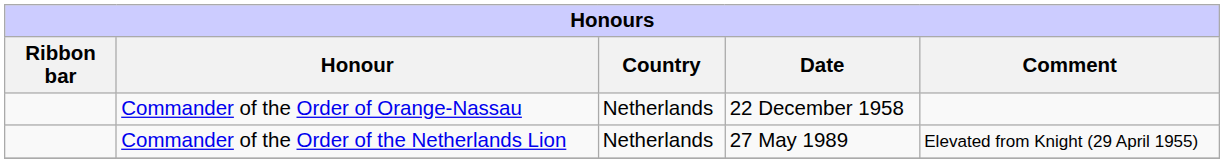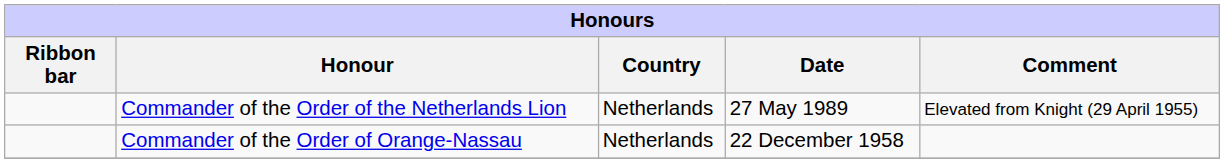 <table class="wikitable" style="width:60%;">
 <tr style="background:#ccf; text-align:center;">
 <td colspan=5><strong>Honours</strong></td>
 </tr>
 <tr>
 <th style="width:80px;">Ribbon bar</th>
 <th>Honour</th>
 <th>Country</th>
 <th>Date</th>
 <th>Comment</th>
 </tr>
 <tr>
 <td></td>
+<td><a href='#'>Commander</a> of the <a href='#'>Order of the Netherlands Lion</a></td>
+<td>Netherlands</td>
+<td>27 May 1989</td>
+<td><small>Elevated from Knight (29 April 1955)</small></td>
+</tr>
+<tr>
+<td></td>
 <td><a href='#'>Commander</a> of the <a href='#'>Order of Orange-Nassau</a></td>
 <td>Netherlands</td>
 <td>22 December 1958</td>
 <td></td>
 </tr>
 <tr>
-<td></td>
-<td><a href='#'>Commander</a> of the <a href='#'>Order of the Netherlands Lion</a></td>
-<td>Netherlands</td>
-<td>27 May 1989</td>
-<td><small>Elevated from Knight (29 April 1955)</small></td>
-</tr>
-<tr>
 </tr>
 </table>
